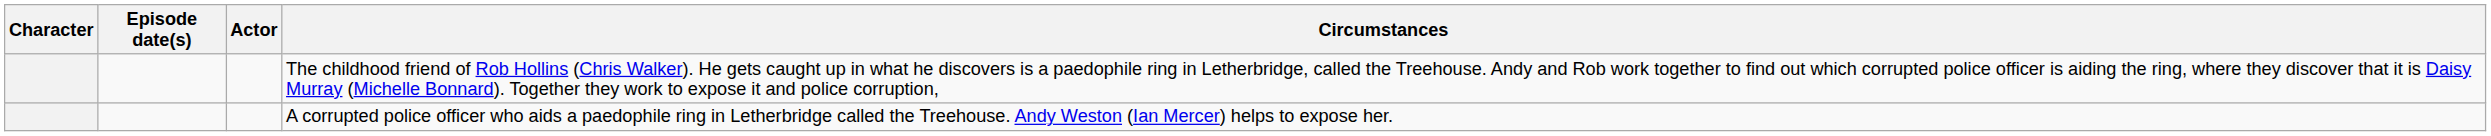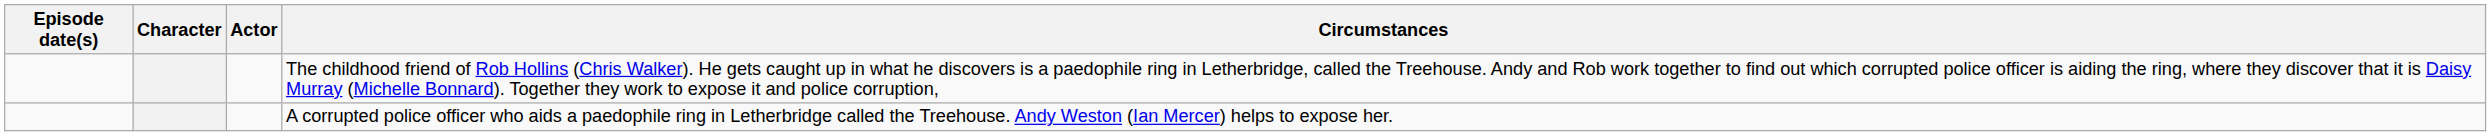 <table class="wikitable plainrowheaders" style="font-size:90%">
 <tr>
+<th scope="col">Episode date(s)</th>
 <th scope="col">Character</th>
-<th scope="col">Episode date(s)</th>
 <th scope="col">Actor</th>
 <th scope="col">Circumstances</th>
 </tr>
 <tr>
+<td></td>
 <th scope="row"> </th>
-<td></td>
 <td></td>
 <td>The childhood friend of <a href='#'>Rob Hollins</a> (<a href='#'>Chris Walker</a>). He gets caught up in what he discovers is a paedophile ring in Letherbridge, called the Treehouse. Andy and Rob work together to find out which corrupted police officer is aiding the ring, where they discover that it is <a href='#'>Daisy Murray</a> (<a href='#'>Michelle Bonnard</a>). Together they work to expose it and police corruption,</td>
 </tr>
 <tr>
+<td></td>
 <th scope="row"> </th>
-<td></td>
 <td></td>
 <td>A corrupted police officer who aids a paedophile ring in Letherbridge called the Treehouse. <a href='#'>Andy Weston</a> (<a href='#'>Ian Mercer</a>) helps to expose her.</td>
 </tr>
 </table>
